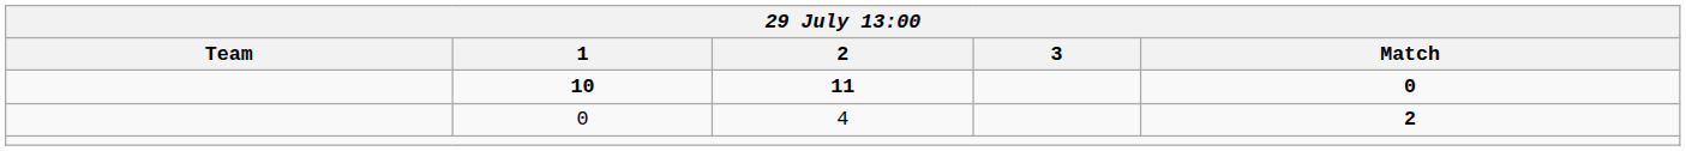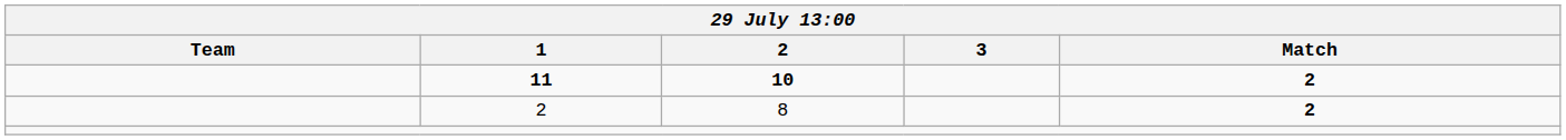 <table class=wikitable style="text-align:center; width: 55%">
 <tr>
 <th colspan=10><em>29 July 13:00</em></th>
 </tr>
 <tr>
 <th>Team</th>
 <th>1</th>
 <th>2</th>
 <th>3</th>
 <th>Match</th>
 </tr>
 <tr>
 <td align=left><strong><br></strong></td>
+<td><strong>11</strong></td>
 <td><strong>10</strong></td>
-<td><strong>11</strong></td>
 <td></td>
-<td><strong>0</strong></td>
+<td><strong>2</strong></td>
 </tr>
 <tr>
 <td align=left><br></td>
-<td>0</td>
-<td>4</td>
+<td>2</td>
+<td>8</td>
 <td></td>
 <td><strong>2</strong></td>
 </tr>
 <tr>
 <td colspan=10></td>
 </tr>
 </table>
